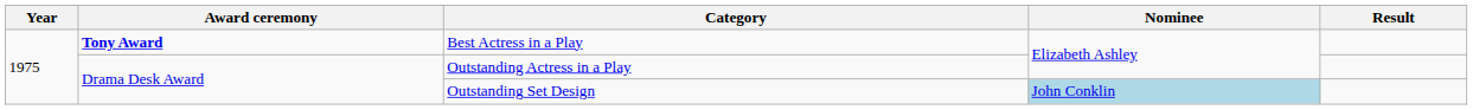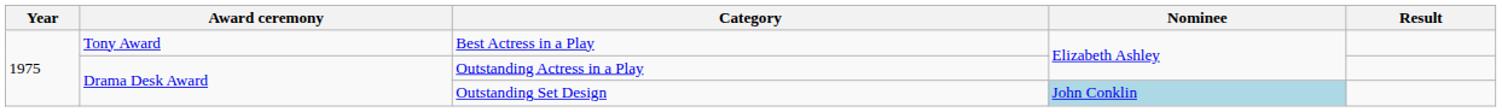 <table class="wikitable" width="95%">
 <tr>
 <th width="5%">Year</th>
 <th width="25%">Award ceremony</th>
 <th width="40%">Category</th>
 <th width="20%">Nominee</th>
 <th width="10%">Result</th>
 </tr>
 <tr>
 <td rowspan="3">1975</td>
-<td><strong><a href='#'>Tony Award</a></strong></td>
+<td><a href='#'>Tony Award</a></td>
 <td><a href='#'>Best Actress in a Play</a></td>
 <td rowspan="2"><a href='#'>Elizabeth Ashley</a></td>
 <td></td>
 </tr>
 <tr>
 <td rowspan="2"><a href='#'>Drama Desk Award</a></td>
 <td><a href='#'>Outstanding Actress in a Play</a></td>
 <td></td>
 </tr>
 <tr>
 <td><a href='#'>Outstanding Set Design</a></td>
 <td style="background: lightblue;"><a href='#'>John Conklin</a></td>
 <td></td>
 </tr>
 </table>
